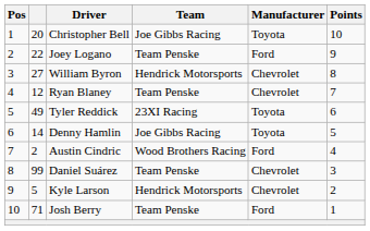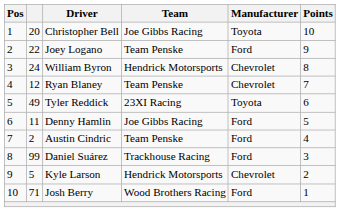 <table class="wikitable" style="font-size:98%">
 <tr>
 <th>Pos</th>
 <th></th>
 <th>Driver</th>
 <th>Team</th>
 <th>Manufacturer</th>
 <th>Points</th>
 </tr>
 <tr>
 <td>1</td>
 <td>20</td>
 <td>Christopher Bell</td>
 <td>Joe Gibbs Racing</td>
 <td>Toyota</td>
 <td>10</td>
 </tr>
 <tr>
 <td>2</td>
 <td>22</td>
 <td>Joey Logano</td>
 <td>Team Penske</td>
 <td>Ford</td>
 <td>9</td>
 </tr>
 <tr>
 <td>3</td>
-<td>27</td>
+<td>24</td>
 <td>William Byron</td>
 <td>Hendrick Motorsports</td>
 <td>Chevrolet</td>
 <td>8</td>
 </tr>
 <tr>
 <td>4</td>
 <td>12</td>
 <td>Ryan Blaney</td>
 <td>Team Penske</td>
 <td>Chevrolet</td>
 <td>7</td>
 </tr>
 <tr>
 <td>5</td>
 <td>49</td>
 <td>Tyler Reddick</td>
 <td>23XI Racing</td>
 <td>Toyota</td>
 <td>6</td>
 </tr>
 <tr>
 <td>6</td>
-<td>14</td>
+<td>11</td>
 <td>Denny Hamlin</td>
 <td>Joe Gibbs Racing</td>
-<td>Toyota</td>
+<td>Ford</td>
 <td>5</td>
 </tr>
 <tr>
 <td>7</td>
 <td>2</td>
 <td>Austin Cindric</td>
-<td>Wood Brothers Racing</td>
+<td>Team Penske</td>
 <td>Ford</td>
 <td>4</td>
 </tr>
 <tr>
 <td>8</td>
 <td>99</td>
 <td>Daniel Suárez</td>
-<td>Team Penske</td>
-<td>Chevrolet</td>
+<td>Trackhouse Racing</td>
+<td>Ford</td>
 <td>3</td>
 </tr>
 <tr>
 <td>9</td>
 <td>5</td>
 <td>Kyle Larson</td>
 <td>Hendrick Motorsports</td>
 <td>Chevrolet</td>
 <td>2</td>
 </tr>
 <tr>
 <td>10</td>
 <td>71</td>
 <td>Josh Berry</td>
-<td>Team Penske</td>
+<td>Wood Brothers Racing</td>
 <td>Ford</td>
 <td>1</td>
 </tr>
 <tr>
 <th colspan="6"></th>
 </tr>
 </table>
